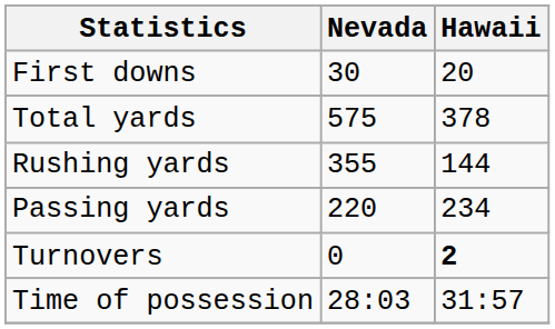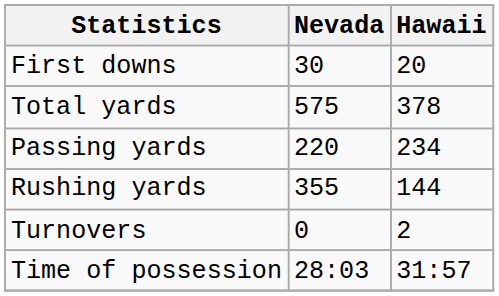 <table class="wikitable">
 <tr>
 <th>Statistics</th>
 <th>Nevada</th>
 <th>Hawaii</th>
 </tr>
 <tr>
 <td>First downs</td>
 <td>30</td>
 <td>20</td>
 </tr>
 <tr>
 <td>Total yards</td>
 <td>575</td>
 <td>378</td>
 </tr>
 <tr>
+<td>Passing yards</td>
+<td>220</td>
+<td>234</td>
+</tr>
+<tr>
 <td>Rushing yards</td>
 <td>355</td>
 <td>144</td>
 </tr>
 <tr>
-<td>Passing yards</td>
-<td>220</td>
-<td>234</td>
-</tr>
-<tr>
 <td>Turnovers</td>
 <td>0</td>
-<td><strong>2</strong></td>
+<td>2</td>
 </tr>
 <tr>
 <td>Time of possession</td>
 <td>28:03</td>
 <td>31:57</td>
 </tr>
 <tr>
 </tr>
 </table>
